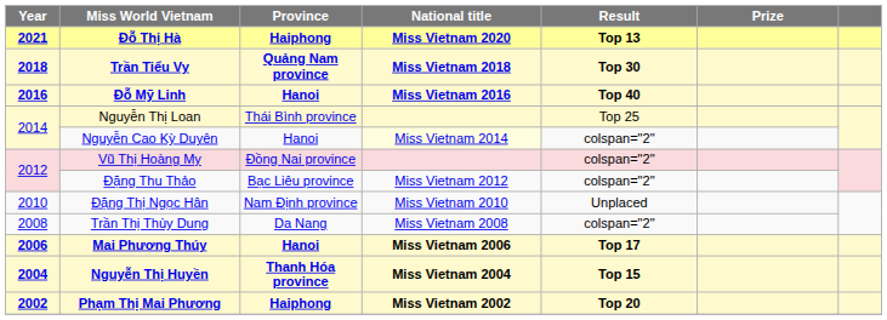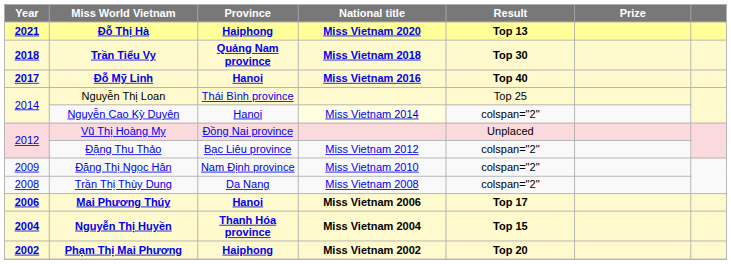 <table class="wikitable sortable" style="font-size: 83%; text-align:center">
 <tr bgcolor="#787878" colspan=10 align="center">
 <th width="60" style="background-color:#787878;color:#FFFFFF;"><span><strong>Year</strong></span></th>
 <th width="250" style="background-color:#787878;color:#FFFFFF;"><span><strong>Miss World Vietnam</strong></span></th>
 <th width="150" style="background-color:#787878;color:#FFFFFF;"><span><strong>Province</strong></span></th>
 <th width="250" style="background-color:#787878;color:#FFFFFF;"><span><strong>National title</strong></span></th>
 <th width="200" style="background-color:#787878;color:#FFFFFF;"><span><strong>Result</strong></span></th>
 <th width="200" style="background-color:#787878;color:#FFFFFF;"><span><strong>Prize</strong></span></th>
 <th width="60" style="background-color:#787878;color:#FFFFFF;"><span><strong></strong></span></th>
 </tr>
 <tr style="background-color:#FFFF99;">
 <td><strong> <a href='#'>2021</a></strong></td>
 <td><strong><a href='#'>Đỗ Thị Hà</a></strong></td>
 <td><strong><a href='#'>Haiphong</a></strong></td>
 <td><strong><a href='#'>Miss Vietnam 2020</a></strong></td>
 <td><strong>Top 13</strong></td>
 <td style="background:;"></td>
 <td></td>
 </tr>
 <tr style="background-color:#FFFACD;">
 <td><strong> <a href='#'>2018</a></strong></td>
 <td><strong><a href='#'>Trần Tiểu Vy</a></strong></td>
 <td><a href='#'><strong>Quảng Nam province</strong></a></td>
 <td><strong><a href='#'>Miss Vietnam 2018</a></strong></td>
 <td><strong>Top 30</strong></td>
 <td style="background:;"></td>
 <td></td>
 </tr>
 <tr style="background-color:#FFFACD;">
-<td><strong> <a href='#'>2016</a></strong></td>
+<td><strong> <a href='#'>2017</a></strong></td>
 <td><strong><a href='#'>Đỗ Mỹ Linh</a></strong></td>
 <td><strong><a href='#'>Hanoi</a></strong></td>
 <td><strong><a href='#'>Miss Vietnam 2016</a></strong></td>
 <td><strong>Top 40</strong></td>
 <td style="background:;"></td>
 <td></td>
 </tr>
 <tr style="background-color:#FFFACD;">
 <td rowspan="2"> <a href='#'>2014</a></td>
 <td>Nguyễn Thị Loan</td>
 <td><a href='#'>Thái Bình province</a></td>
 <td></td>
 <td>Top 25</td>
 <td style="background:;"></td>
 <td rowspan="2"></td>
 </tr>
 <tr>
 <td><a href='#'>Nguyễn Cao Kỳ Duyên</a></td>
 <td><a href='#'>Hanoi</a></td>
 <td style="background: lightyellow;"><a href='#'>Miss Vietnam 2014</a></td>
 <td>colspan="2" </td>
 </tr>
 <tr style="background-color:#FADADD;">
 <td rowspan="2"> <a href='#'>2012</a></td>
 <td><a href='#'>Vũ Thị Hoàng My</a></td>
 <td><a href='#'>Đồng Nai province</a></td>
 <td></td>
-<td>colspan="2" </td>
+<td>Unplaced</td>
 <td style="background:;"></td>
 <td rowspan="2"></td>
 </tr>
 <tr>
 <td><a href='#'>Đặng Thu Thảo</a></td>
 <td><a href='#'>Bạc Liêu province</a></td>
 <td><a href='#'>Miss Vietnam 2012</a></td>
 <td>colspan="2" </td>
 </tr>
 <tr>
-<td> <a href='#'>2010</a></td>
+<td> <a href='#'>2009</a></td>
 <td><a href='#'>Đặng Thị Ngọc Hân</a></td>
 <td><a href='#'>Nam Định province</a></td>
 <td><a href='#'>Miss Vietnam 2010</a></td>
-<td>Unplaced</td>
+<td>colspan="2" </td>
 <td></td>
 </tr>
 <tr>
 <td> <a href='#'>2008</a></td>
 <td><a href='#'>Trần Thị Thùy Dung</a></td>
 <td><a href='#'>Da Nang</a></td>
 <td><a href='#'>Miss Vietnam 2008</a></td>
 <td>colspan="2" </td>
 <td></td>
 </tr>
 <tr style="background-color:#FFFACD;">
 <td><strong> <a href='#'>2006</a></strong></td>
 <td><strong><a href='#'>Mai Phương Thúy</a></strong></td>
 <td><strong><a href='#'>Hanoi</a></strong></td>
 <td><strong>Miss Vietnam 2006</strong></td>
 <td><strong>Top 17</strong></td>
 <td style="background:;"></td>
 <td></td>
 </tr>
 <tr style="background-color:#FFFACD;">
 <td><strong> <a href='#'>2004</a></strong></td>
 <td><a href='#'><strong>Nguyễn Thị Huyền</strong></a></td>
 <td><strong><a href='#'>Thanh Hóa province</a></strong></td>
 <td><strong>Miss Vietnam 2004</strong></td>
 <td><strong>Top 15</strong></td>
 <td></td>
 <td></td>
 </tr>
 <tr style="background-color:#FFFACD;">
 <td><strong> <a href='#'>2002</a></strong></td>
 <td><strong><a href='#'>Phạm Thị Mai Phương</a></strong></td>
 <td><a href='#'><strong>Haiphong</strong></a></td>
 <td><strong>Miss Vietnam 2002</strong></td>
 <td><strong>Top 20</strong></td>
 <td></td>
 <td></td>
 </tr>
 <tr>
 </tr>
 </table>
